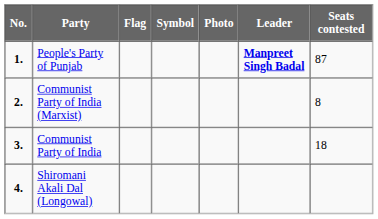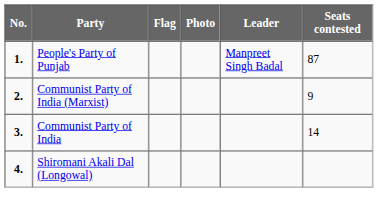 <table class="sortable" width="40%" border="2" cellpadding="6" cellspacing="0" style="margin: 1em 1em 1em 0; background: #f9f9f9; border: 1px #aaa solid">
 <tr>
 <th style="background-color:#666666; color:white">No.</th>
 <th style="background-color:#666666; color:white">Party</th>
 <th style="background-color:#666666; color:white">Flag</th>
-<th style="background-color:#666666; color:white">Symbol</th>
 <th style="background-color:#666666; color:white">Photo</th>
 <th style="background-color:#666666; color:white">Leader</th>
 <th style="background-color:#666666; color:white">Seats contested</th>
 </tr>
 <tr>
 <td ! style="text-align:center; background:"><strong>1.</strong></td>
 <td><a href='#'>People's Party of Punjab</a></td>
 <td></td>
 <td></td>
-<td></td>
-<td><strong><a href='#'>Manpreet Singh Badal</a></strong></td>
+<td><a href='#'>Manpreet Singh Badal</a></td>
 <td>87</td>
 </tr>
 <tr>
 <td ! style="text-align:center; background:"><strong>2.</strong></td>
 <td><a href='#'>Communist Party of India (Marxist)</a></td>
 <td></td>
 <td></td>
 <td></td>
-<td></td>
-<td>8</td>
+<td>9</td>
 </tr>
 <tr>
 <td style="text-align:center; background:"><strong>3.</strong></td>
 <td><a href='#'>Communist Party of India</a></td>
 <td></td>
 <td></td>
 <td></td>
-<td></td>
-<td>18</td>
+<td>14</td>
 </tr>
 <tr>
 <td style="text-align:center; background:"><strong>4.</strong></td>
 <td><a href='#'>Shiromani Akali Dal (Longowal)</a></td>
 <td></td>
 <td></td>
 <td></td>
 <td></td>
-<td></td>
 </tr>
 </table>
